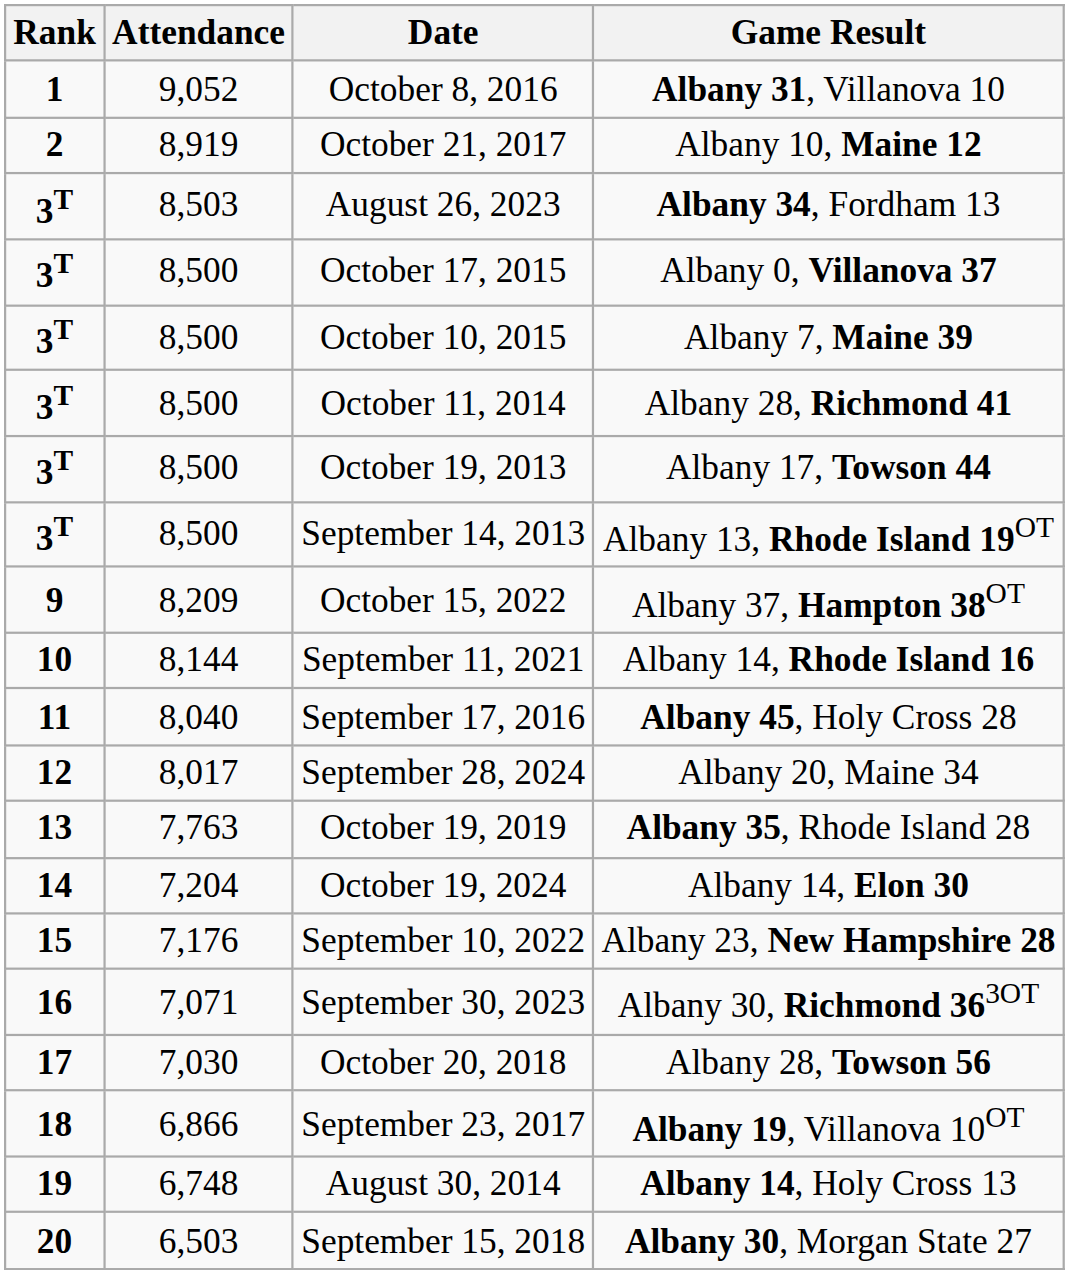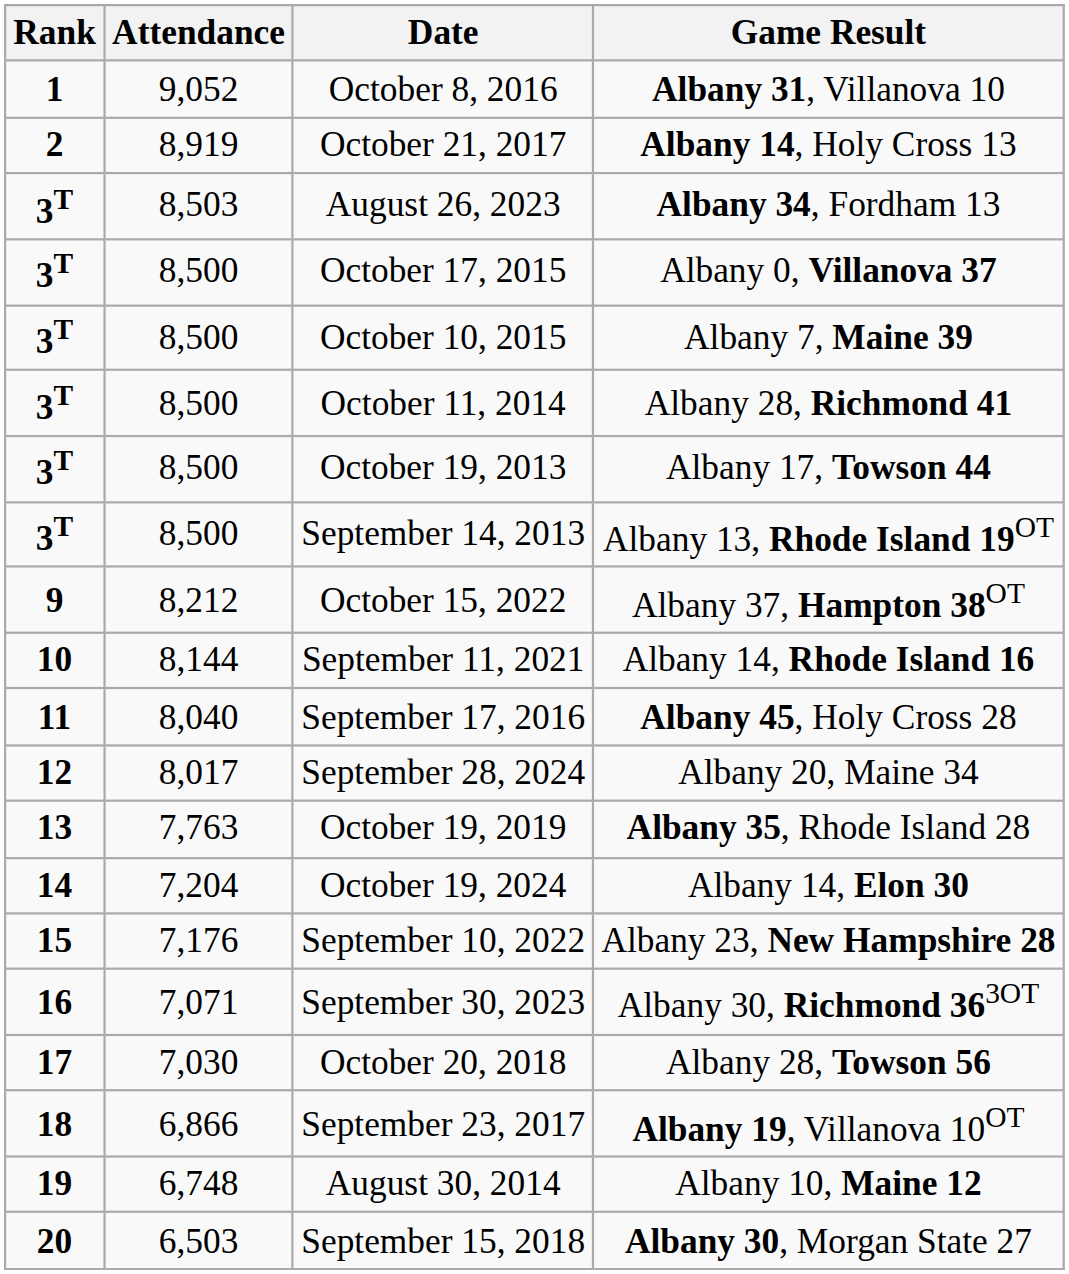 <table class="wikitable">
 <tr>
 <th>Rank</th>
 <th>Attendance</th>
 <th>Date</th>
 <th>Game Result</th>
 </tr>
 <tr align="center">
 <td><strong>1</strong></td>
 <td>9,052</td>
 <td>October 8, 2016</td>
 <td><strong>Albany 31</strong>,  Villanova 10</td>
 </tr>
 <tr align="center">
 <td><strong>2</strong></td>
 <td>8,919</td>
 <td>October 21, 2017</td>
-<td>Albany 10, <strong>Maine 12</strong></td>
+<td><strong>Albany 14</strong>, Holy Cross 13</td>
 </tr>
 <tr align="center">
 <td><strong>3<sup>T</sup></strong></td>
 <td>8,503</td>
 <td>August 26, 2023</td>
 <td><strong>Albany 34</strong>, Fordham 13</td>
 </tr>
 <tr align="center">
 <td><strong>3<sup>T</sup></strong></td>
 <td>8,500</td>
 <td>October 17, 2015</td>
 <td>Albany 0, <strong> Villanova 37</strong></td>
 </tr>
 <tr align="center">
 <td><strong>3<sup>T</sup></strong></td>
 <td>8,500</td>
 <td>October 10, 2015</td>
 <td>Albany 7, <strong>Maine 39</strong></td>
 </tr>
 <tr align="center">
 <td><strong>3<sup>T</sup></strong></td>
 <td>8,500</td>
 <td>October 11, 2014</td>
 <td>Albany 28, <strong> Richmond 41</strong></td>
 </tr>
 <tr align="center">
 <td><strong>3<sup>T</sup></strong></td>
 <td>8,500</td>
 <td>October 19, 2013</td>
 <td>Albany 17, <strong> Towson 44</strong></td>
 </tr>
 <tr align="center">
 <td><strong>3<sup>T</sup></strong></td>
 <td>8,500</td>
 <td>September 14, 2013</td>
 <td>Albany 13, <strong>Rhode Island 19</strong><sup>OT</sup></td>
 </tr>
 <tr align="center">
 <td><strong>9</strong></td>
-<td>8,209</td>
+<td>8,212</td>
 <td>October 15, 2022</td>
 <td>Albany 37, <strong>Hampton 38</strong><sup>OT</sup></td>
 </tr>
 <tr align="center">
 <td><strong>10</strong></td>
 <td>8,144</td>
 <td>September 11, 2021</td>
 <td>Albany 14, <strong>Rhode Island 16</strong></td>
 </tr>
 <tr align="center">
 <td><strong>11</strong></td>
 <td>8,040</td>
 <td>September 17, 2016</td>
 <td><strong> Albany 45</strong>, Holy Cross 28</td>
 </tr>
 <tr align="center">
 <td><strong>12</strong></td>
 <td>8,017</td>
 <td>September 28, 2024</td>
 <td> Albany 20, Maine 34</td>
 </tr>
 <tr align="center">
 <td><strong>13</strong></td>
 <td>7,763</td>
 <td>October 19, 2019</td>
 <td><strong>Albany 35</strong>, Rhode Island 28</td>
 </tr>
 <tr align="center">
 <td><strong>14</strong></td>
 <td>7,204</td>
 <td>October 19, 2024</td>
 <td>Albany 14, <strong>Elon 30</strong></td>
 </tr>
 <tr align="center">
 <td><strong>15</strong></td>
 <td>7,176</td>
 <td>September 10, 2022</td>
 <td>Albany 23, <strong>New Hampshire 28</strong></td>
 </tr>
 <tr align="center">
 <td><strong>16</strong></td>
 <td>7,071</td>
 <td>September 30, 2023</td>
 <td> Albany 30, <strong> Richmond 36</strong><sup>3OT</sup></td>
 </tr>
 <tr align="center">
 <td><strong>17</strong></td>
 <td>7,030</td>
 <td>October 20, 2018</td>
 <td>Albany 28, <strong> Towson 56</strong></td>
 </tr>
 <tr align="center">
 <td><strong>18</strong></td>
 <td>6,866</td>
 <td>September 23, 2017</td>
 <td><strong>Albany 19</strong>,  Villanova 10<sup>OT</sup></td>
 </tr>
 <tr align="center">
 <td><strong>19</strong></td>
 <td>6,748</td>
 <td>August 30, 2014</td>
-<td><strong>Albany 14</strong>, Holy Cross 13</td>
+<td>Albany 10, <strong>Maine 12</strong></td>
 </tr>
 <tr align="center">
 <td><strong>20</strong></td>
 <td>6,503</td>
 <td>September 15, 2018</td>
 <td><strong>Albany 30</strong>, Morgan State 27</td>
 </tr>
 <tr align="center">
 </tr>
 <tr>
 </tr>
 </table>
